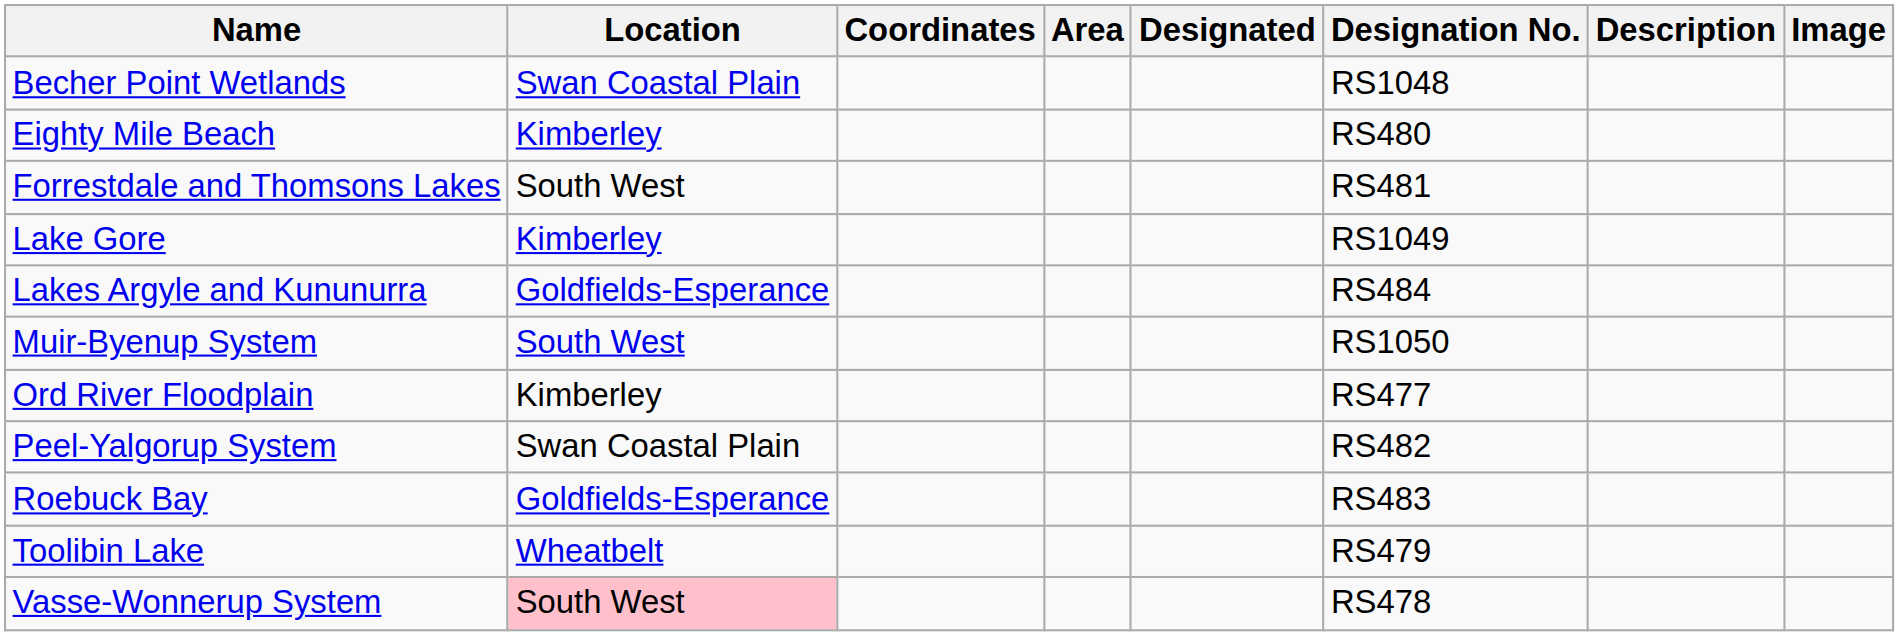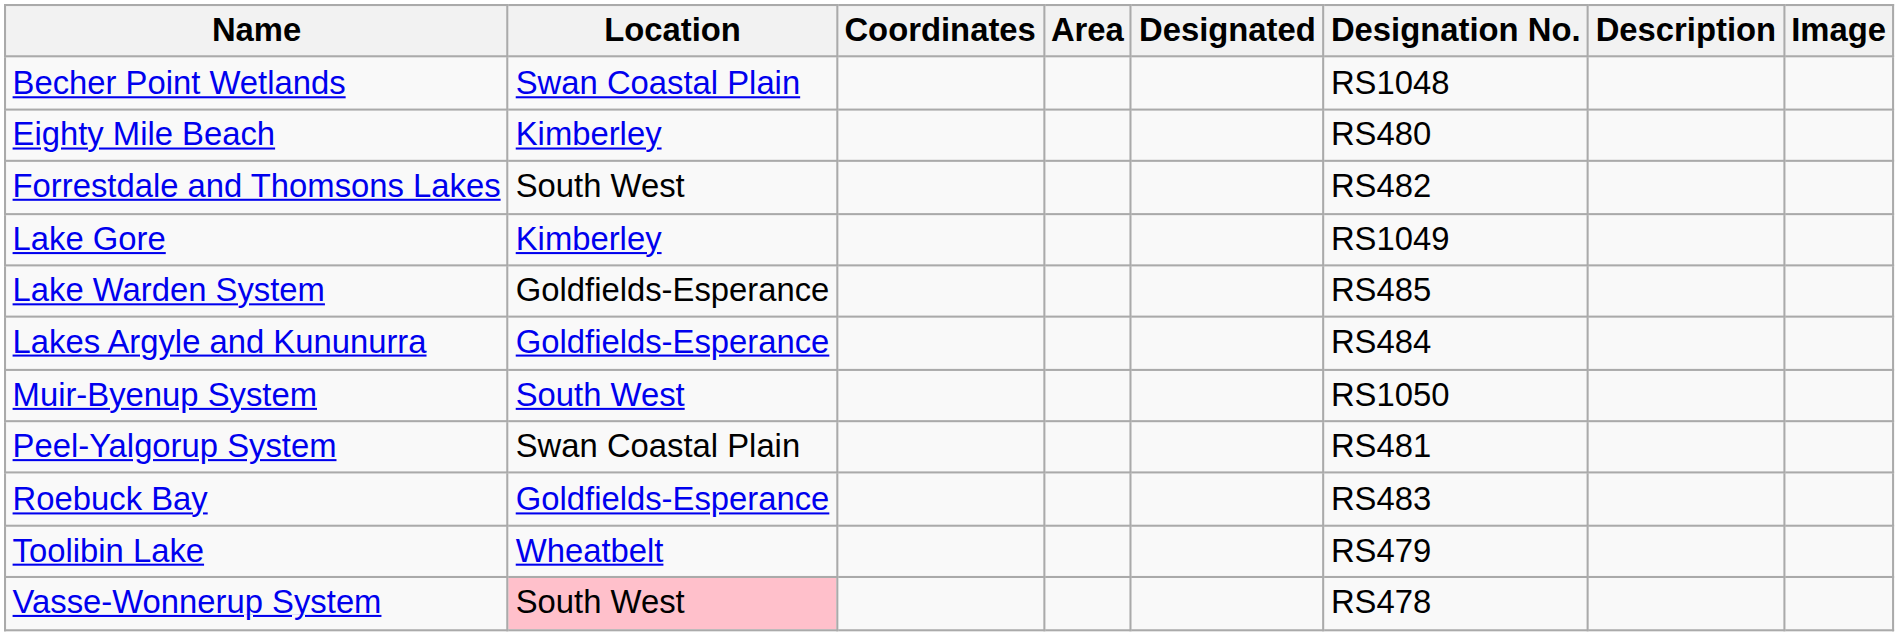 <table class="wikitable sortable">
 <tr>
 <th style="background-color:">Name</th>
 <th style="background-color:">Location</th>
 <th style="background-color:">Coordinates</th>
 <th style="background-color:">Area</th>
 <th style="background-color:">Designated</th>
 <th style="background-color:">Designation No.</th>
 <th style="background-color:">Description</th>
 <th style="background-color:">Image</th>
 </tr>
 <tr>
 <td><a href='#'>Becher Point Wetlands</a></td>
 <td><a href='#'>Swan Coastal Plain</a></td>
 <td></td>
 <td></td>
 <td></td>
 <td>RS1048</td>
 <td></td>
 <td></td>
 </tr>
 <tr>
 <td><a href='#'>Eighty Mile Beach</a></td>
 <td><a href='#'>Kimberley</a></td>
 <td></td>
 <td></td>
 <td></td>
 <td>RS480</td>
 <td></td>
 <td></td>
 </tr>
 <tr>
 <td><a href='#'>Forrestdale and Thomsons Lakes</a></td>
 <td>South West</td>
 <td></td>
 <td></td>
 <td></td>
-<td>RS481</td>
+<td>RS482</td>
 <td></td>
 <td></td>
 </tr>
 <tr>
 <td><a href='#'>Lake Gore</a></td>
 <td><a href='#'>Kimberley</a></td>
 <td></td>
 <td></td>
 <td></td>
 <td>RS1049</td>
+<td></td>
+<td></td>
+</tr>
+<tr>
+<td><a href='#'>Lake Warden System</a></td>
+<td>Goldfields-Esperance</td>
+<td></td>
+<td></td>
+<td></td>
+<td>RS485</td>
 <td></td>
 <td></td>
 </tr>
 <tr>
 <td><a href='#'>Lakes Argyle and Kununurra</a></td>
 <td><a href='#'>Goldfields-Esperance</a></td>
 <td></td>
 <td></td>
 <td></td>
 <td>RS484</td>
 <td></td>
 <td></td>
 </tr>
 <tr>
 <td><a href='#'>Muir-Byenup System</a></td>
 <td><a href='#'>South West</a></td>
 <td></td>
 <td></td>
 <td></td>
 <td>RS1050</td>
 <td></td>
 <td></td>
 </tr>
 <tr>
-<td><a href='#'>Ord River Floodplain</a></td>
-<td>Kimberley</td>
-<td></td>
-<td></td>
-<td></td>
-<td>RS477</td>
-<td></td>
-<td></td>
-</tr>
-<tr>
 <td><a href='#'>Peel-Yalgorup System</a></td>
 <td>Swan Coastal Plain</td>
 <td></td>
 <td></td>
 <td></td>
-<td>RS482</td>
+<td>RS481</td>
 <td></td>
 <td></td>
 </tr>
 <tr>
 <td><a href='#'>Roebuck Bay</a></td>
 <td><a href='#'>Goldfields-Esperance</a></td>
 <td></td>
 <td></td>
 <td></td>
 <td>RS483</td>
 <td></td>
 <td></td>
 </tr>
 <tr>
 <td><a href='#'>Toolibin Lake</a></td>
 <td><a href='#'>Wheatbelt</a></td>
 <td></td>
 <td></td>
 <td></td>
 <td>RS479</td>
 <td></td>
 <td></td>
 </tr>
 <tr>
 <td><a href='#'>Vasse-Wonnerup System</a></td>
 <td style="background: pink;">South West</td>
 <td></td>
 <td></td>
 <td></td>
 <td>RS478</td>
 <td></td>
 <td></td>
 </tr>
 </table>
